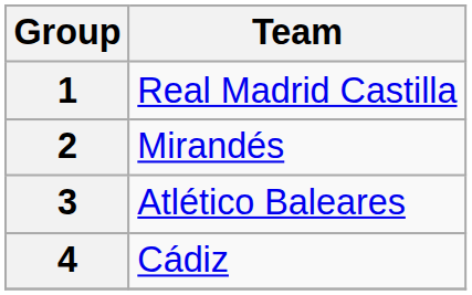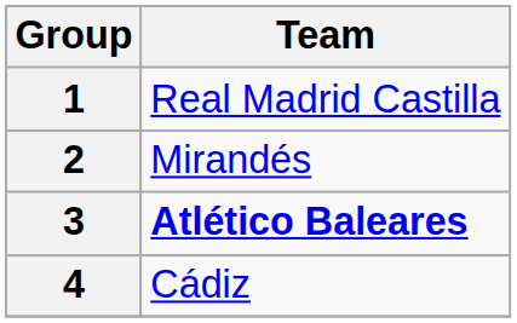 <table class="wikitable">
 <tr>
 <th>Group</th>
 <th>Team</th>
 </tr>
 <tr>
 <th>1</th>
 <td><a href='#'>Real Madrid Castilla</a></td>
 </tr>
 <tr>
 <th>2</th>
 <td><a href='#'>Mirandés</a></td>
 </tr>
 <tr>
 <th>3</th>
-<td><a href='#'>Atlético Baleares</a></td>
+<td><strong><a href='#'>Atlético Baleares</a></strong></td>
 </tr>
 <tr>
 <th>4</th>
 <td><a href='#'>Cádiz</a></td>
 </tr>
 <tr>
 </tr>
 </table>
